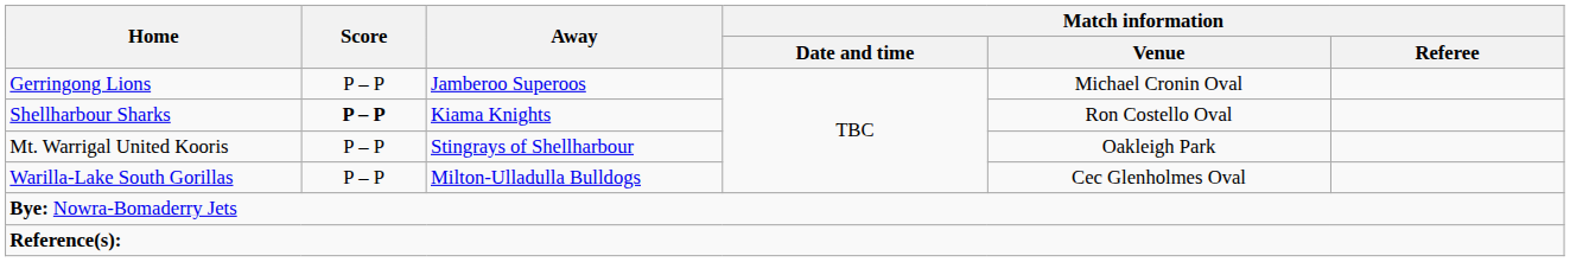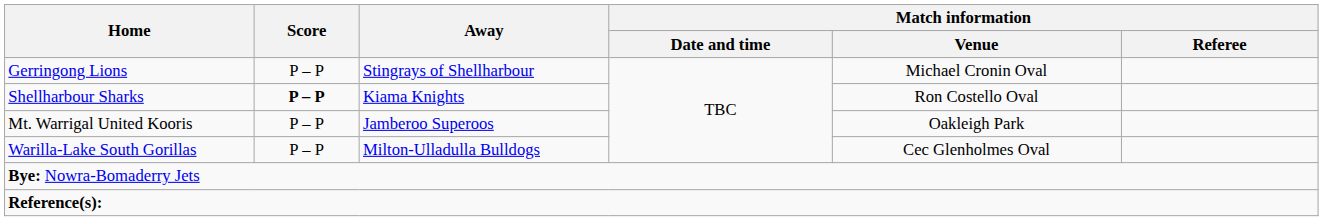 <table class="wikitable" width="100% text-align:center;">
 <tr>
 <th rowspan="2" width="19%">Home</th>
 <th rowspan="2" width="8%">Score</th>
 <th rowspan="2" width="19%">Away</th>
 <th colspan="3">Match information</th>
 </tr>
 <tr bgcolor="#CCCCCC">
 <th width="17%">Date and time</th>
 <th width="22%">Venue</th>
 <th>Referee</th>
 </tr>
 <tr>
 <td> <a href='#'>Gerringong Lions</a></td>
 <td style="text-align:center;">P – P</td>
-<td> <a href='#'>Jamberoo Superoos</a></td>
+<td> <a href='#'>Stingrays of Shellharbour</a></td>
 <td rowspan="4" style="text-align:center;">TBC</td>
 <td style="text-align:center;">Michael Cronin Oval</td>
 <td style="text-align:center;"></td>
 </tr>
 <tr>
 <td> <a href='#'>Shellharbour Sharks</a></td>
 <td style="text-align:center;"><strong>P – P</strong></td>
 <td> <a href='#'>Kiama Knights</a></td>
 <td style="text-align:center;">Ron Costello Oval</td>
 <td style="text-align:center;"></td>
 </tr>
 <tr>
 <td> Mt. Warrigal United Kooris</td>
 <td style="text-align:center;">P – P</td>
-<td> <a href='#'>Stingrays of Shellharbour</a></td>
+<td> <a href='#'>Jamberoo Superoos</a></td>
 <td style="text-align:center;">Oakleigh Park</td>
 <td style="text-align:center;"></td>
 </tr>
 <tr>
 <td> <a href='#'>Warilla-Lake South Gorillas</a></td>
 <td style="text-align:center;">P – P</td>
 <td> <a href='#'>Milton-Ulladulla Bulldogs</a></td>
 <td style="text-align:center;">Cec Glenholmes Oval</td>
 <td style="text-align:center;"></td>
 </tr>
 <tr>
 <td colspan="6" align="centre"><strong>Bye:</strong>  <a href='#'>Nowra-Bomaderry Jets</a></td>
 </tr>
 <tr>
 <td colspan="6"><strong>Reference(s):</strong></td>
 </tr>
 </table>
